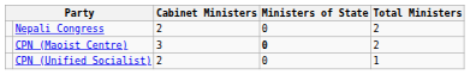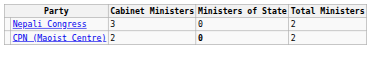 <table class="wikitable">
 <tr>
 <th colspan="2">Party</th>
 <th>Cabinet Ministers</th>
 <th>Ministers of State</th>
 <th>Total Ministers</th>
 </tr>
 <tr>
 <td width="4px"></td>
 <td><a href='#'>Nepali Congress</a></td>
-<td>2</td>
+<td>3</td>
 <td>0</td>
 <td>2</td>
 </tr>
 <tr>
 <td width="4px"></td>
 <td><a href='#'>CPN (Maoist Centre)</a></td>
-<td>3</td>
+<td>2</td>
 <td><strong>0</strong></td>
 <td>2</td>
 </tr>
-<tr>
-<td width="4px"></td>
-<td><a href='#'>CPN (Unified Socialist)</a></td>
-<td>2</td>
-<td>0</td>
-<td>1</td>
-</tr>
 </table>
